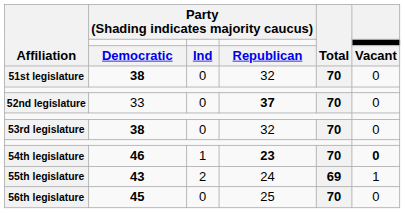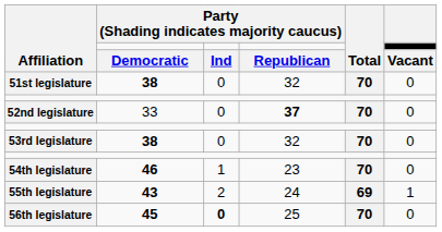 <table class="wikitable" style="text-align:center">
 <tr style="vertical-align:bottom;">
 <th rowspan="3">Affiliation</th>
 <th colspan="3">Party <div>(Shading indicates majority caucus)</div></th>
 <th rowspan="3">Total</th>
 <th></th>
 </tr>
 <tr style="height:5px">
 <td style="background-color:"></td>
 <td style="background-color:"></td>
 <td style="background-color:"></td>
 <td style="background-color:black;"></td>
 </tr>
 <tr>
 <th><a href='#'>Democratic</a></th>
 <th><a href='#'>Ind</a></th>
 <th><a href='#'>Republican</a></th>
 <th>Vacant</th>
 </tr>
 <tr>
 <th style="font-size:80%">51st legislature</th>
 <td><strong>38</strong></td>
 <td>0</td>
 <td>32</td>
 <th>70</th>
 <td>0</td>
 </tr>
 <tr>
 <td colspan="5"></td>
 </tr>
 <tr>
 <th style="font-size:80%">52nd legislature</th>
 <td>33</td>
 <td>0</td>
 <td><strong>37</strong></td>
 <th>70</th>
 <td>0</td>
 </tr>
 <tr>
 <td colspan="5"></td>
 </tr>
 <tr>
 <th style="font-size:80%">53rd legislature</th>
 <td><strong>38</strong></td>
 <td>0</td>
 <td>32</td>
 <th>70</th>
 <td>0</td>
 </tr>
 <tr>
 <td colspan="5"></td>
 <td></td>
 </tr>
 <tr>
 <th style="font-size:80%">54th legislature</th>
 <td><strong>46</strong></td>
 <td>1</td>
-<td><strong>23</strong></td>
+<td>23</td>
 <th>70</th>
-<td><strong>0</strong></td>
+<td>0</td>
 </tr>
 <tr>
 <th style="font-size:80%">55th legislature</th>
 <td><strong>43</strong></td>
 <td>2</td>
 <td>24</td>
 <th>69</th>
 <td>1</td>
 </tr>
 <tr>
 <th style="font-size:80%">56th legislature</th>
 <td><strong>45</strong></td>
-<td>0</td>
+<td><strong>0</strong></td>
 <td>25</td>
 <th>70</th>
 <td>0</td>
 </tr>
 </table>
